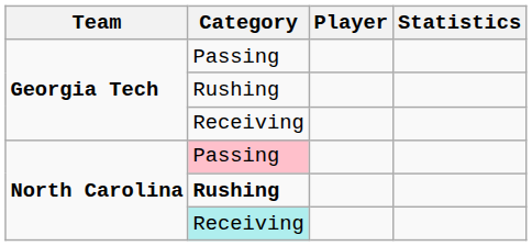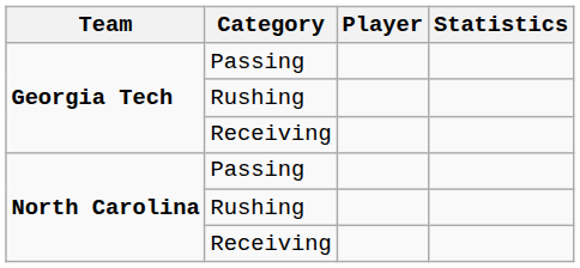 <table class="wikitable" style="float: right;">
 <tr>
 <th>Team</th>
 <th>Category</th>
 <th>Player</th>
 <th>Statistics</th>
 </tr>
 <tr>
 <td rowspan=3><strong>Georgia Tech</strong></td>
 <td>Passing</td>
 <td></td>
 <td></td>
 </tr>
 <tr>
 <td>Rushing</td>
 <td></td>
 <td></td>
 </tr>
 <tr>
 <td>Receiving</td>
 <td></td>
 <td></td>
 </tr>
 <tr>
 <td rowspan=3><strong>North Carolina</strong></td>
-<td style="background: pink;">Passing</td>
+<td>Passing</td>
 <td></td>
 <td></td>
 </tr>
 <tr>
-<td><strong>Rushing</strong></td>
+<td>Rushing</td>
 <td></td>
 <td></td>
 </tr>
 <tr>
-<td style="background: paleturquoise;">Receiving</td>
+<td>Receiving</td>
 <td></td>
 <td></td>
 </tr>
 </table>
